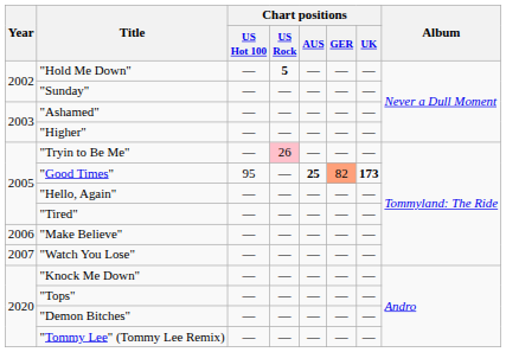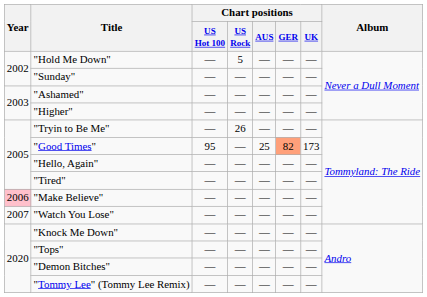 <table class="wikitable">
 <tr>
 <th rowspan="2">Year</th>
 <th rowspan="2">Title</th>
 <th colspan="5">Chart positions</th>
 <th rowspan="2">Album</th>
 </tr>
 <tr>
 <th><small><a href='#'>US<br>Hot 100</a><br></small></th>
 <th><small><a href='#'>US<br>Rock</a><br></small></th>
 <th><small><a href='#'>AUS</a><br></small></th>
 <th><small><a href='#'>GER</a><br></small></th>
 <th><small><a href='#'>UK</a><br></small></th>
 </tr>
 <tr>
 <td rowspan="2">2002</td>
 <td>"Hold Me Down"</td>
 <td style="text-align:center;">—</td>
-<td style="text-align:center;"><strong>5</strong></td>
+<td style="text-align:center;">5</td>
 <td style="text-align:center;">—</td>
 <td style="text-align:center;">—</td>
 <td style="text-align:center;">—</td>
 <td rowspan="4"><em><a href='#'>Never a Dull Moment</a></em></td>
 </tr>
 <tr>
 <td>"Sunday"</td>
 <td style="text-align:center;">—</td>
 <td style="text-align:center;">—</td>
 <td style="text-align:center;">—</td>
 <td style="text-align:center;">—</td>
 <td style="text-align:center;">—</td>
 </tr>
 <tr>
 <td rowspan="2">2003</td>
 <td>"Ashamed"</td>
 <td style="text-align:center;">—</td>
 <td style="text-align:center;">—</td>
 <td style="text-align:center;">—</td>
 <td style="text-align:center;">—</td>
 <td style="text-align:center;">—</td>
 </tr>
 <tr>
 <td>"Higher"</td>
 <td style="text-align:center;">—</td>
 <td style="text-align:center;">—</td>
 <td style="text-align:center;">—</td>
 <td style="text-align:center;">—</td>
 <td style="text-align:center;">—</td>
 </tr>
 <tr>
 <td rowspan="4">2005</td>
 <td>"Tryin to Be Me"</td>
 <td style="text-align:center;">—</td>
-<td style="background: pink; text-align:center;">26</td>
+<td style="text-align:center;">26</td>
 <td style="text-align:center;">—</td>
 <td style="text-align:center;">—</td>
 <td style="text-align:center;">—</td>
 <td rowspan="6"><em><a href='#'>Tommyland: The Ride</a></em></td>
 </tr>
 <tr>
 <td>"<a href='#'>Good Times</a>"</td>
 <td style="text-align:center;">95</td>
 <td style="text-align:center;">—</td>
-<td style="text-align:center;"><strong>25</strong></td>
+<td style="text-align:center;">25</td>
 <td style="background: lightsalmon; text-align:center;">82</td>
-<td style="text-align:center;"><strong>173</strong></td>
+<td style="text-align:center;">173</td>
 </tr>
 <tr>
 <td>"Hello, Again"</td>
 <td style="text-align:center;">—</td>
 <td style="text-align:center;">—</td>
 <td style="text-align:center;">—</td>
 <td style="text-align:center;">—</td>
 <td style="text-align:center;">—</td>
 </tr>
 <tr>
 <td>"Tired"</td>
 <td style="text-align:center;">—</td>
 <td style="text-align:center;">—</td>
 <td style="text-align:center;">—</td>
 <td style="text-align:center;">—</td>
 <td style="text-align:center;">—</td>
 </tr>
 <tr>
-<td>2006</td>
+<td style="background: pink;">2006</td>
 <td>"Make Believe"</td>
 <td style="text-align:center;">—</td>
 <td style="text-align:center;">—</td>
 <td style="text-align:center;">—</td>
 <td style="text-align:center;">—</td>
 <td style="text-align:center;">—</td>
 </tr>
 <tr>
 <td>2007</td>
 <td>"Watch You Lose"</td>
 <td style="text-align:center;">—</td>
 <td style="text-align:center;">—</td>
 <td style="text-align:center;">—</td>
 <td style="text-align:center;">—</td>
 <td style="text-align:center;">—</td>
 </tr>
 <tr>
 <td rowspan="4">2020</td>
 <td>"Knock Me Down"</td>
 <td style="text-align:center;">—</td>
 <td style="text-align:center;">—</td>
 <td style="text-align:center;">—</td>
 <td style="text-align:center;">—</td>
 <td style="text-align:center;">—</td>
 <td rowspan="4"><em><a href='#'>Andro</a></em></td>
 </tr>
 <tr>
 <td>"Tops"</td>
 <td style="text-align:center;">—</td>
 <td style="text-align:center;">—</td>
 <td style="text-align:center;">—</td>
 <td style="text-align:center;">—</td>
 <td style="text-align:center;">—</td>
 </tr>
 <tr>
 <td>"Demon Bitches"</td>
 <td style="text-align:center;">—</td>
 <td style="text-align:center;">—</td>
 <td style="text-align:center;">—</td>
 <td style="text-align:center;">—</td>
 <td style="text-align:center;">—</td>
 </tr>
 <tr>
 <td>"<a href='#'>Tommy Lee</a>" (Tommy Lee Remix)</td>
 <td style="text-align:center;">—</td>
 <td style="text-align:center;">—</td>
 <td style="text-align:center;">—</td>
 <td style="text-align:center;">—</td>
 <td style="text-align:center;">—</td>
 </tr>
 </table>
